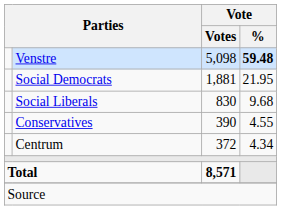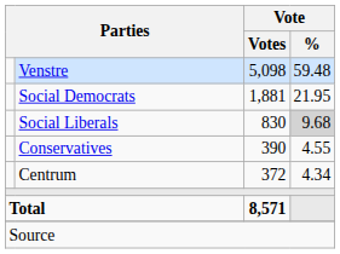 <table class="wikitable" style="text-align:right;">
 <tr>
 <th style="text-align:centre;" rowspan="2" colspan="2" width="225">Parties</th>
 <th colspan="3">Vote</th>
 </tr>
 <tr>
 <th width="15">Votes</th>
 <th width="15">%</th>
 </tr>
 <tr>
 <td width="2" style="color:inherit;background:"></td>
 <td bgcolor=#cfe5fe  align="left"><a href='#'>Venstre</a></td>
 <td bgcolor=#cfe5fe>5,098</td>
-<td bgcolor=#cfe5fe><strong>59.48</strong></td>
+<td bgcolor=#cfe5fe>59.48</td>
 </tr>
 <tr>
 <td width="2" style="color:inherit;background:"></td>
 <td align="left"><a href='#'>Social Democrats</a></td>
 <td>1,881</td>
 <td>21.95</td>
 </tr>
 <tr>
 <td width="2" style="color:inherit;background:"></td>
 <td align="left"><a href='#'>Social Liberals</a></td>
 <td>830</td>
-<td>9.68</td>
+<td style="background: lightgrey;">9.68</td>
 </tr>
 <tr>
 <td width="2" style="color:inherit;background:"></td>
 <td align="left"><a href='#'>Conservatives</a></td>
 <td>390</td>
 <td>4.55</td>
 </tr>
 <tr>
 <td width="2" style="color:inherit;background:"></td>
 <td align="left">Centrum</td>
 <td>372</td>
 <td>4.34</td>
 </tr>
 <tr>
 <td colspan="7" bgcolor="#E9E9E9"></td>
 </tr>
 <tr>
 <td align="left" colspan="2"><strong>Total</strong></td>
 <td><strong>8,571</strong></td>
 <td bgcolor="#E9E9E9" colspan="2"></td>
 </tr>
 <tr>
 </tr>
 <tr>
 <td align="left" colspan="6">Source</td>
 </tr>
 </table>
